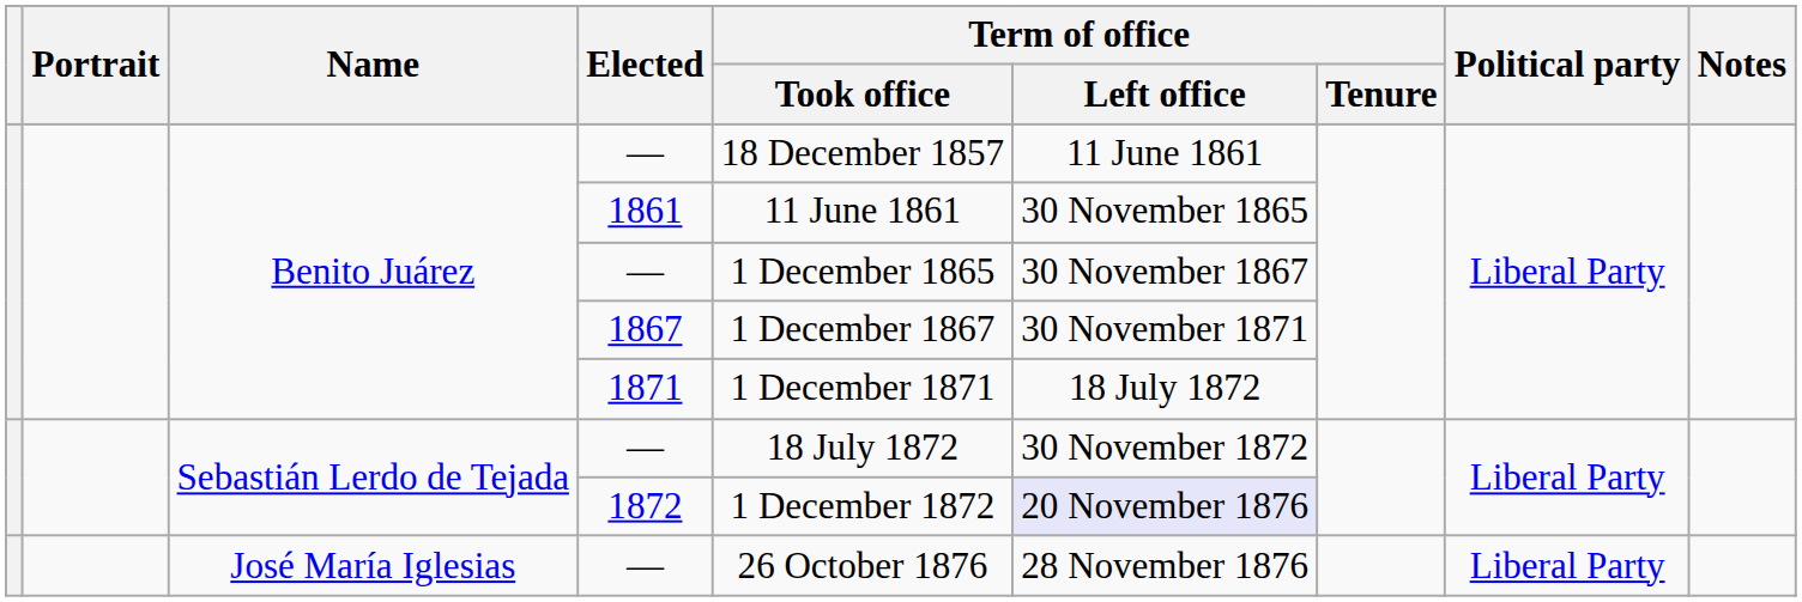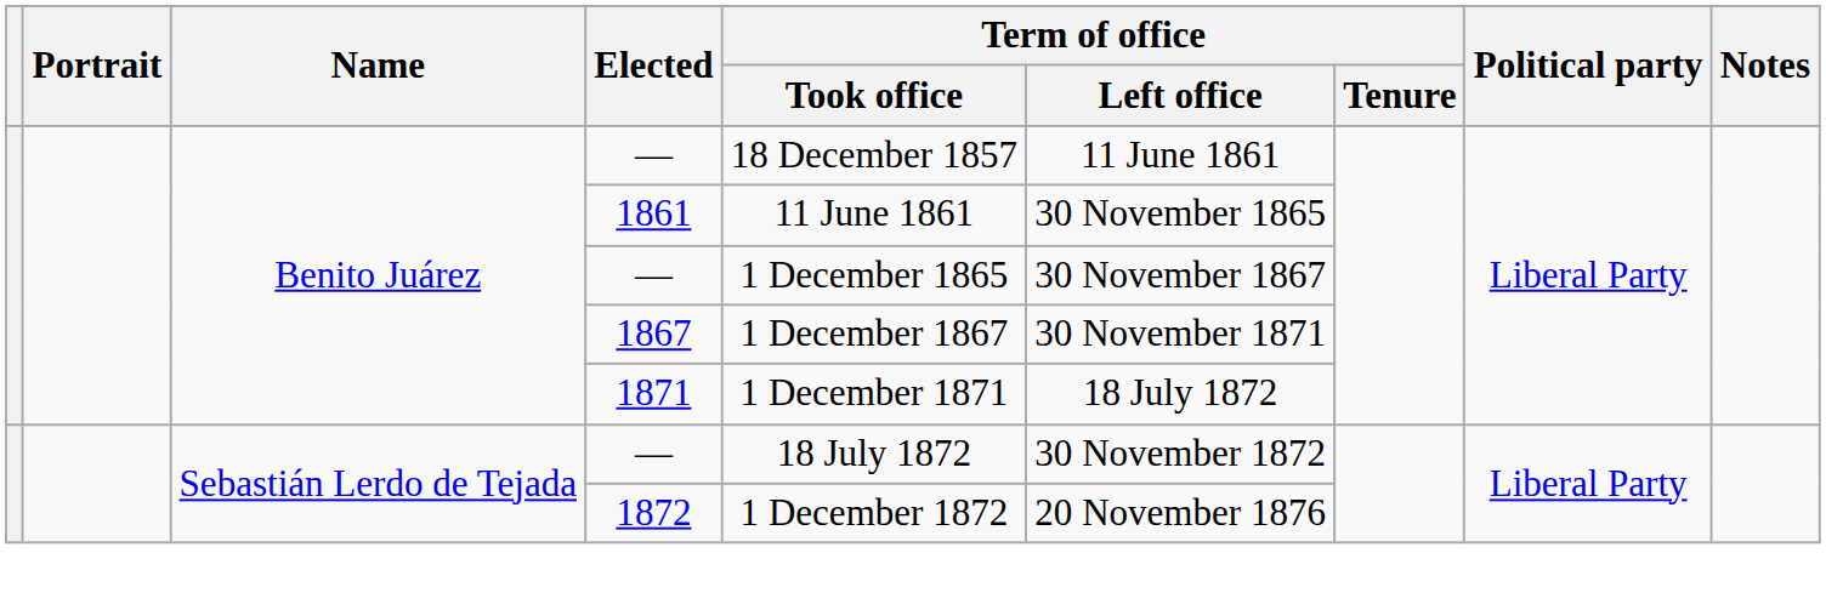 <table class="wikitable" style="text-align:center;">
 <tr>
 <th rowspan="2"></th>
 <th rowspan="2">Portrait</th>
 <th rowspan="2">Name<br></th>
 <th rowspan="2">Elected</th>
 <th colspan="3">Term of office</th>
 <th rowspan="2">Political party</th>
 <th rowspan="2">Notes</th>
 </tr>
 <tr>
 <th>Took office</th>
 <th>Left office</th>
 <th>Tenure</th>
 </tr>
 <tr>
 <th rowspan="5" style="background:"></th>
 <td rowspan="5"></td>
 <td rowspan="5"><a href='#'>Benito Juárez</a><br></td>
 <td>—</td>
 <td>18 December 1857</td>
 <td>11 June 1861</td>
 <td rowspan="5"></td>
 <td rowspan="5"><a href='#'>Liberal Party</a></td>
 <td rowspan="5"></td>
 </tr>
 <tr>
 <td><a href='#'>1861</a></td>
 <td>11 June 1861</td>
 <td>30 November 1865</td>
 </tr>
 <tr>
 <td>—</td>
 <td>1 December 1865</td>
 <td>30 November 1867</td>
 </tr>
 <tr>
 <td><a href='#'>1867</a></td>
 <td>1 December 1867</td>
 <td>30 November 1871</td>
 </tr>
 <tr>
 <td><a href='#'>1871</a></td>
 <td>1 December 1871</td>
 <td>18 July 1872</td>
 </tr>
 <tr>
 <th rowspan="2" style="background:"></th>
 <td rowspan="2"></td>
 <td rowspan="2"><a href='#'>Sebastián Lerdo de Tejada</a><br></td>
 <td>—</td>
 <td>18 July 1872</td>
 <td>30 November 1872</td>
 <td rowspan="2"></td>
 <td rowspan="2"><a href='#'>Liberal Party</a></td>
 <td rowspan="2"></td>
 </tr>
 <tr>
 <td><a href='#'>1872</a></td>
 <td>1 December 1872</td>
-<td style="background: lavender;">20 November 1876</td>
-</tr>
-<tr>
-<th style="background:"></th>
-<td></td>
-<td><a href='#'>José María Iglesias</a><br></td>
-<td>—</td>
-<td>26 October 1876</td>
-<td>28 November 1876</td>
-<td></td>
-<td><a href='#'>Liberal Party</a></td>
-<td></td>
+<td>20 November 1876</td>
 </tr>
 </table>
